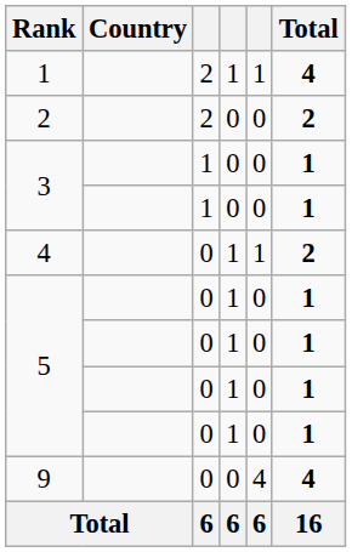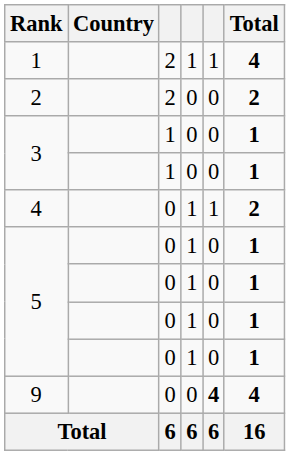 <table class="wikitable" style="font-size: 95%">
 <tr>
 <th>Rank</th>
 <th>Country</th>
 <th></th>
 <th></th>
 <th></th>
 <th>Total</th>
 </tr>
 <tr align=center>
 <td>1</td>
 <td align=left></td>
 <td>2</td>
 <td>1</td>
 <td>1</td>
 <td><strong>4</strong></td>
 </tr>
 <tr align=center>
 <td>2</td>
 <td align=left></td>
 <td>2</td>
 <td>0</td>
 <td>0</td>
 <td><strong>2</strong></td>
 </tr>
 <tr align=center>
 <td rowspan=2>3</td>
 <td align=left></td>
 <td>1</td>
 <td>0</td>
 <td>0</td>
 <td><strong>1</strong></td>
 </tr>
 <tr align=center>
 <td align=left></td>
 <td>1</td>
 <td>0</td>
 <td>0</td>
 <td><strong>1</strong></td>
 </tr>
 <tr align=center>
 <td>4</td>
 <td align=left></td>
 <td>0</td>
 <td>1</td>
 <td>1</td>
 <td><strong>2</strong></td>
 </tr>
 <tr align=center>
 <td rowspan=4>5</td>
 <td align=left></td>
 <td>0</td>
 <td>1</td>
 <td>0</td>
 <td><strong>1</strong></td>
 </tr>
 <tr align=center>
 <td align=left></td>
 <td>0</td>
 <td>1</td>
 <td>0</td>
 <td><strong>1</strong></td>
 </tr>
 <tr align=center>
 <td align=left></td>
 <td>0</td>
 <td>1</td>
 <td>0</td>
 <td><strong>1</strong></td>
 </tr>
 <tr align=center>
 <td align=left></td>
 <td>0</td>
 <td>1</td>
 <td>0</td>
 <td><strong>1</strong></td>
 </tr>
 <tr align=center>
 <td>9</td>
 <td align=left></td>
 <td>0</td>
 <td>0</td>
-<td>4</td>
+<td><strong>4</strong></td>
 <td><strong>4</strong></td>
 </tr>
 <tr>
 <th colspan=2>Total</th>
 <th>6</th>
 <th>6</th>
 <th>6</th>
 <th>16</th>
 </tr>
 </table>
